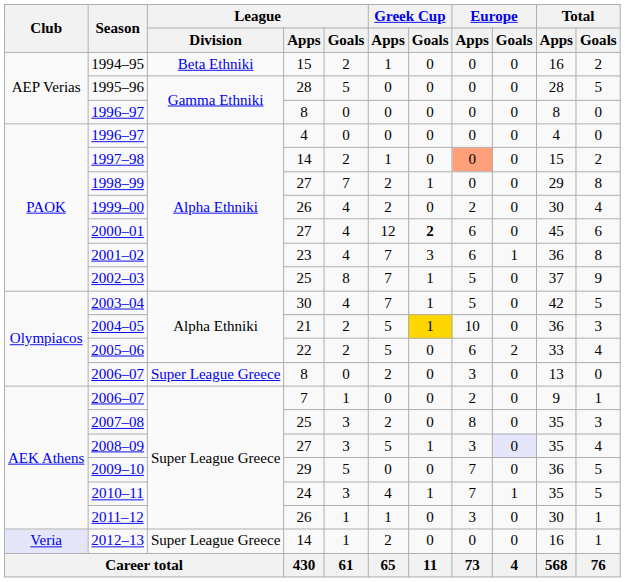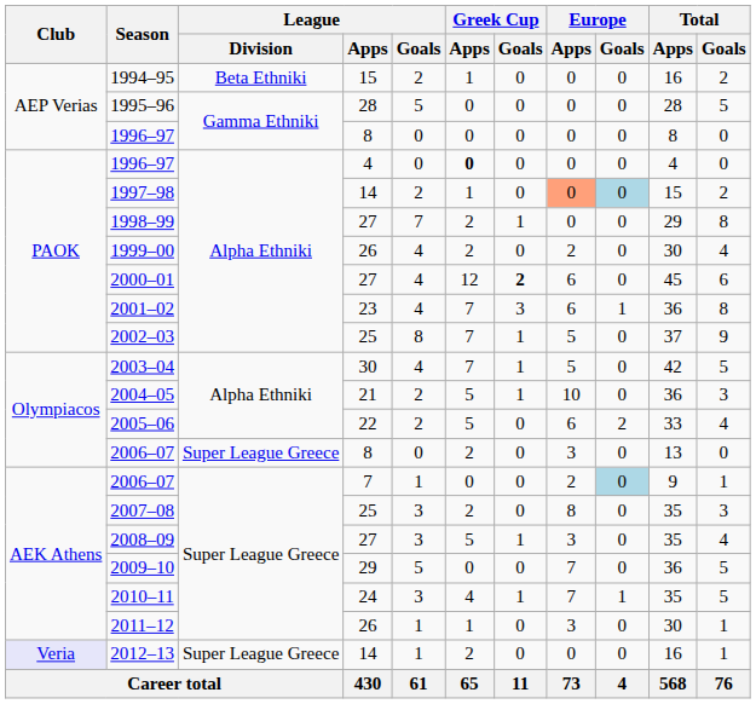 <table class="wikitable" style="text-align:center">
 <tr>
 <th rowspan="2">Club</th>
 <th rowspan="2">Season</th>
 <th colspan="3">League</th>
 <th colspan="2"><a href='#'>Greek Cup</a></th>
 <th colspan="2"><a href='#'>Europe</a></th>
 <th colspan="2">Total</th>
 </tr>
 <tr>
 <th>Division</th>
 <th>Apps</th>
 <th>Goals</th>
 <th>Apps</th>
 <th>Goals</th>
 <th>Apps</th>
 <th>Goals</th>
 <th>Apps</th>
 <th>Goals</th>
 </tr>
 <tr>
 <td rowspan="3">ΑΕP Verias</td>
 <td>1994–95</td>
 <td><a href='#'>Beta Ethniki</a></td>
 <td>15</td>
 <td>2</td>
 <td>1</td>
 <td>0</td>
 <td>0</td>
 <td>0</td>
 <td>16</td>
 <td>2</td>
 </tr>
 <tr>
 <td>1995–96</td>
 <td rowspan="2"><a href='#'>Gamma Ethniki</a></td>
 <td>28</td>
 <td>5</td>
 <td>0</td>
 <td>0</td>
 <td>0</td>
 <td>0</td>
 <td>28</td>
 <td>5</td>
 </tr>
 <tr>
 <td><a href='#'>1996–97</a></td>
 <td>8</td>
 <td>0</td>
 <td>0</td>
 <td>0</td>
 <td>0</td>
 <td>0</td>
 <td>8</td>
 <td>0</td>
 </tr>
 <tr>
 <td rowspan="7"><a href='#'>PAOK</a></td>
 <td><a href='#'>1996–97</a></td>
 <td rowspan="7"><a href='#'>Alpha Ethniki</a></td>
 <td>4</td>
 <td>0</td>
-<td>0</td>
+<td><strong>0</strong></td>
 <td>0</td>
 <td>0</td>
 <td>0</td>
 <td>4</td>
 <td>0</td>
 </tr>
 <tr>
 <td><a href='#'>1997–98</a></td>
 <td>14</td>
 <td>2</td>
 <td>1</td>
 <td>0</td>
 <td style="background: lightsalmon;">0</td>
-<td>0</td>
+<td style="background: lightblue;">0</td>
 <td>15</td>
 <td>2</td>
 </tr>
 <tr>
 <td><a href='#'>1998–99</a></td>
 <td>27</td>
 <td>7</td>
 <td>2</td>
 <td>1</td>
 <td>0</td>
 <td>0</td>
 <td>29</td>
 <td>8</td>
 </tr>
 <tr>
 <td><a href='#'>1999–00</a></td>
 <td>26</td>
 <td>4</td>
 <td>2</td>
 <td>0</td>
 <td>2</td>
 <td>0</td>
 <td>30</td>
 <td>4</td>
 </tr>
 <tr>
 <td><a href='#'>2000–01</a></td>
 <td>27</td>
 <td>4</td>
 <td>12</td>
 <td><strong>2</strong></td>
 <td>6</td>
 <td>0</td>
 <td>45</td>
 <td>6</td>
 </tr>
 <tr>
 <td><a href='#'>2001–02</a></td>
 <td>23</td>
 <td>4</td>
 <td>7</td>
 <td>3</td>
 <td>6</td>
 <td>1</td>
 <td>36</td>
 <td>8</td>
 </tr>
 <tr>
 <td><a href='#'>2002–03</a></td>
 <td>25</td>
 <td>8</td>
 <td>7</td>
 <td>1</td>
 <td>5</td>
 <td>0</td>
 <td>37</td>
 <td>9</td>
 </tr>
 <tr>
 <td rowspan="4"><a href='#'>Olympiacos</a></td>
 <td><a href='#'>2003–04</a></td>
 <td rowspan="3">Alpha Ethniki</td>
 <td>30</td>
 <td>4</td>
 <td>7</td>
 <td>1</td>
 <td>5</td>
 <td>0</td>
 <td>42</td>
 <td>5</td>
 </tr>
 <tr>
 <td><a href='#'>2004–05</a></td>
 <td>21</td>
 <td>2</td>
 <td>5</td>
-<td style="background: gold;">1</td>
+<td>1</td>
 <td>10</td>
 <td>0</td>
 <td>36</td>
 <td>3</td>
 </tr>
 <tr>
 <td><a href='#'>2005–06</a></td>
 <td>22</td>
 <td>2</td>
 <td>5</td>
 <td>0</td>
 <td>6</td>
 <td>2</td>
 <td>33</td>
 <td>4</td>
 </tr>
 <tr>
 <td><a href='#'>2006–07</a></td>
 <td><a href='#'>Super League Greece</a></td>
 <td>8</td>
 <td>0</td>
 <td>2</td>
 <td>0</td>
 <td>3</td>
 <td>0</td>
 <td>13</td>
 <td>0</td>
 </tr>
 <tr>
 <td rowspan="6"><a href='#'>AEK Athens</a></td>
 <td><a href='#'>2006–07</a></td>
 <td rowspan="6">Super League Greece</td>
 <td>7</td>
 <td>1</td>
 <td>0</td>
 <td>0</td>
 <td>2</td>
-<td>0</td>
+<td style="background: lightblue;">0</td>
 <td>9</td>
 <td>1</td>
 </tr>
 <tr>
 <td><a href='#'>2007–08</a></td>
 <td>25</td>
 <td>3</td>
 <td>2</td>
 <td>0</td>
 <td>8</td>
 <td>0</td>
 <td>35</td>
 <td>3</td>
 </tr>
 <tr>
 <td><a href='#'>2008–09</a></td>
 <td>27</td>
 <td>3</td>
 <td>5</td>
 <td>1</td>
 <td>3</td>
-<td style="background: lavender;">0</td>
+<td>0</td>
 <td>35</td>
 <td>4</td>
 </tr>
 <tr>
 <td><a href='#'>2009–10</a></td>
 <td>29</td>
 <td>5</td>
 <td>0</td>
 <td>0</td>
 <td>7</td>
 <td>0</td>
 <td>36</td>
 <td>5</td>
 </tr>
 <tr>
 <td><a href='#'>2010–11</a></td>
 <td>24</td>
 <td>3</td>
 <td>4</td>
 <td>1</td>
 <td>7</td>
 <td>1</td>
 <td>35</td>
 <td>5</td>
 </tr>
 <tr>
 <td><a href='#'>2011–12</a></td>
 <td>26</td>
 <td>1</td>
 <td>1</td>
 <td>0</td>
 <td>3</td>
 <td>0</td>
 <td>30</td>
 <td>1</td>
 </tr>
 <tr>
 <td style="background: lavender;"><a href='#'>Veria</a></td>
 <td><a href='#'>2012–13</a></td>
 <td>Super League Greece</td>
 <td>14</td>
 <td>1</td>
 <td>2</td>
 <td>0</td>
 <td>0</td>
 <td>0</td>
 <td>16</td>
 <td>1</td>
 </tr>
 <tr>
 <th colspan="3">Career total</th>
 <th>430</th>
 <th>61</th>
 <th>65</th>
 <th>11</th>
 <th>73</th>
 <th>4</th>
 <th>568</th>
 <th>76</th>
 </tr>
 </table>
